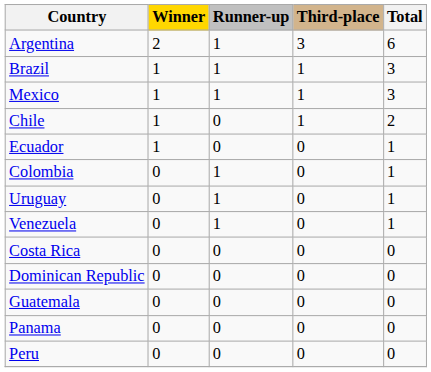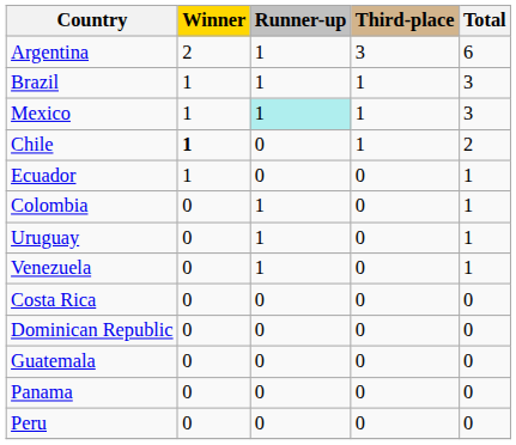 <table class="wikitable sortable" style="margin:auto;"style="align:right;">
 <tr>
 <th>Country</th>
 <td bgcolor="gold"><strong>Winner</strong></td>
 <td bgcolor="silver"><strong>Runner-up</strong></td>
 <td bgcolor="tan"><strong>Third-place</strong></td>
 <th>Total</th>
 </tr>
 <tr>
 <td><a href='#'>Argentina</a></td>
 <td>2</td>
 <td>1</td>
 <td>3</td>
 <td>6</td>
 </tr>
 <tr>
 <td><a href='#'>Brazil</a></td>
 <td>1</td>
 <td>1</td>
 <td>1</td>
 <td>3</td>
 </tr>
 <tr>
 <td><a href='#'>Mexico</a></td>
 <td>1</td>
-<td>1</td>
+<td style="background: paleturquoise;">1</td>
 <td>1</td>
 <td>3</td>
 </tr>
 <tr>
 <td><a href='#'>Chile</a></td>
-<td>1</td>
+<td><strong>1</strong></td>
 <td>0</td>
 <td>1</td>
 <td>2</td>
 </tr>
 <tr>
 <td><a href='#'>Ecuador</a></td>
 <td>1</td>
 <td>0</td>
 <td>0</td>
 <td>1</td>
 </tr>
 <tr>
 <td><a href='#'>Colombia</a></td>
 <td>0</td>
 <td>1</td>
 <td>0</td>
 <td>1</td>
 </tr>
 <tr>
 <td><a href='#'>Uruguay</a></td>
 <td>0</td>
 <td>1</td>
 <td>0</td>
 <td>1</td>
 </tr>
 <tr>
 <td><a href='#'>Venezuela</a></td>
 <td>0</td>
 <td>1</td>
 <td>0</td>
 <td>1</td>
 </tr>
 <tr>
 <td><a href='#'>Costa Rica</a></td>
 <td>0</td>
 <td>0</td>
 <td>0</td>
 <td>0</td>
 </tr>
 <tr>
 <td><a href='#'>Dominican Republic</a></td>
 <td>0</td>
 <td>0</td>
 <td>0</td>
 <td>0</td>
 </tr>
 <tr>
 <td><a href='#'>Guatemala</a></td>
 <td>0</td>
 <td>0</td>
 <td>0</td>
 <td>0</td>
 </tr>
 <tr>
 <td><a href='#'>Panama</a></td>
 <td>0</td>
 <td>0</td>
 <td>0</td>
 <td>0</td>
 </tr>
 <tr>
 <td><a href='#'>Peru</a></td>
 <td>0</td>
 <td>0</td>
 <td>0</td>
 <td>0</td>
 </tr>
 <tr>
 </tr>
 </table>
